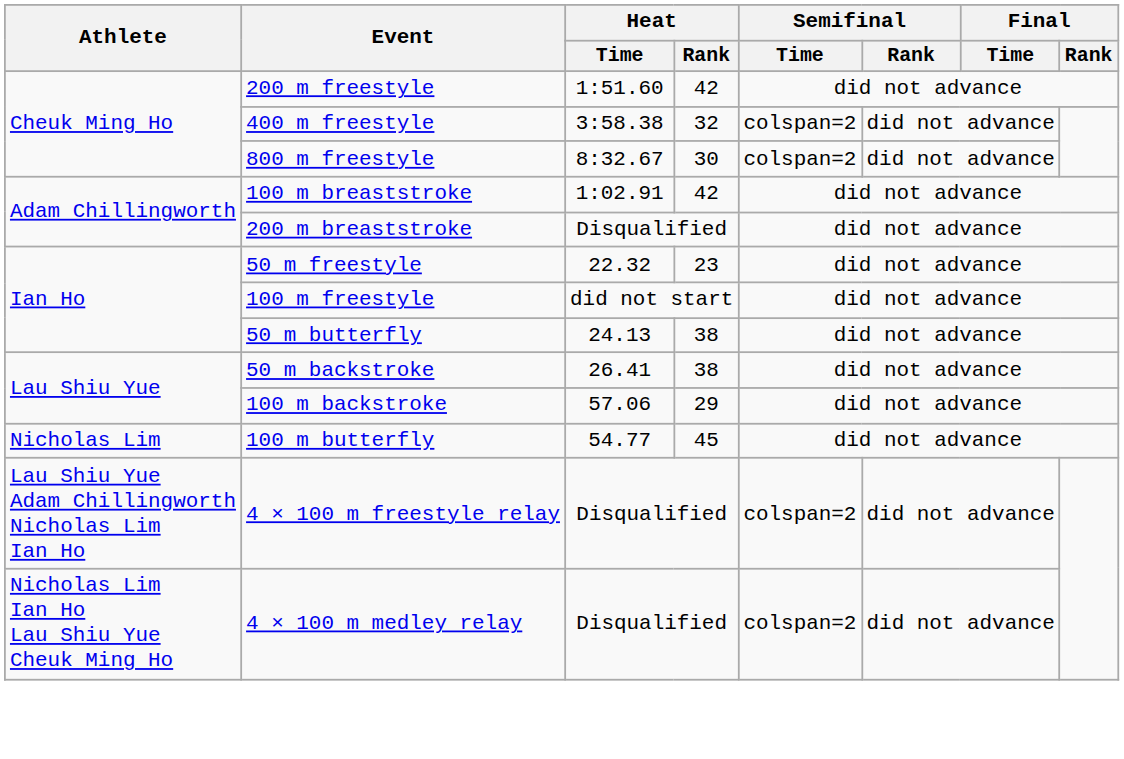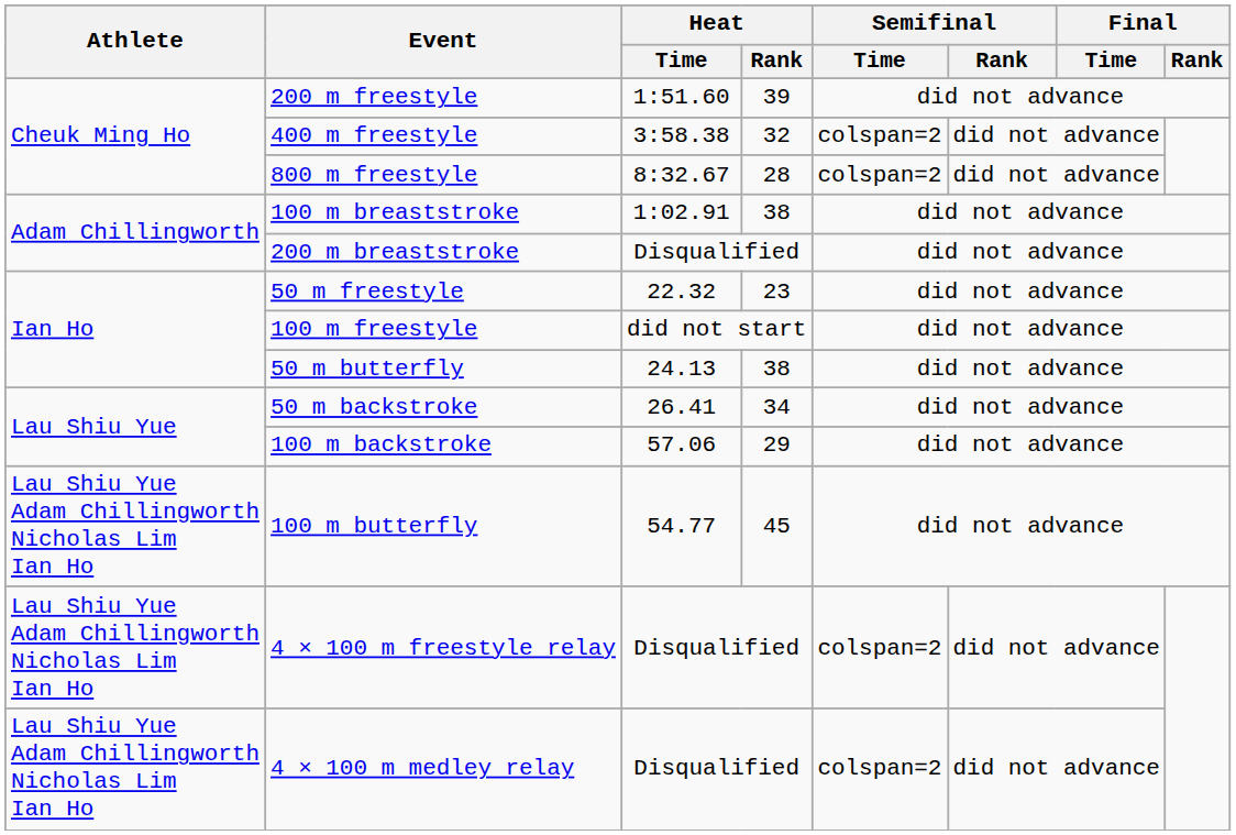 <table class=wikitable style="font-size:90%">
 <tr>
 <th rowspan="2">Athlete</th>
 <th rowspan="2">Event</th>
 <th colspan="2">Heat</th>
 <th colspan="2">Semifinal</th>
 <th colspan="2">Final</th>
 </tr>
 <tr style="font-size:95%">
 <th>Time</th>
 <th>Rank</th>
 <th>Time</th>
 <th>Rank</th>
 <th>Time</th>
 <th>Rank</th>
 </tr>
 <tr style="text-align:center">
 <td style="text-align:left" rowspan=3><a href='#'>Cheuk Ming Ho</a></td>
 <td style="text-align:left"><a href='#'>200 m freestyle</a></td>
 <td>1:51.60</td>
-<td>42</td>
+<td>39</td>
 <td colspan=4>did not advance</td>
 </tr>
 <tr style="text-align:center">
 <td style="text-align:left"><a href='#'>400 m freestyle</a></td>
 <td>3:58.38</td>
 <td>32</td>
 <td>colspan=2 </td>
 <td colspan=2>did not advance</td>
 </tr>
 <tr style="text-align:center">
 <td style="text-align:left"><a href='#'>800 m freestyle</a></td>
 <td>8:32.67</td>
-<td>30</td>
+<td>28</td>
 <td>colspan=2 </td>
 <td colspan=2>did not advance</td>
 </tr>
 <tr style="text-align:center">
 <td style="text-align:left" rowspan=2><a href='#'>Adam Chillingworth</a></td>
 <td style="text-align:left"><a href='#'>100 m breaststroke</a></td>
 <td>1:02.91</td>
-<td>42</td>
+<td>38</td>
 <td colspan=4>did not advance</td>
 </tr>
 <tr style="text-align:center">
 <td style="text-align:left"><a href='#'>200 m breaststroke</a></td>
 <td colspan=2>Disqualified</td>
 <td colspan=4>did not advance</td>
 </tr>
 <tr style="text-align:center">
 <td style="text-align:left" rowspan=3><a href='#'>Ian Ho</a></td>
 <td style="text-align:left"><a href='#'>50 m freestyle</a></td>
 <td>22.32</td>
 <td>23</td>
 <td colspan=4>did not advance</td>
 </tr>
 <tr style="text-align:center">
 <td style="text-align:left"><a href='#'>100 m freestyle</a></td>
 <td colspan=2>did not start</td>
 <td colspan=4>did not advance</td>
 </tr>
 <tr style="text-align:center">
 <td style="text-align:left"><a href='#'>50 m butterfly</a></td>
 <td>24.13</td>
 <td>38</td>
 <td colspan=4>did not advance</td>
 </tr>
 <tr style="text-align:center">
 <td style="text-align:left" rowspan=2><a href='#'>Lau Shiu Yue</a></td>
 <td style="text-align:left"><a href='#'>50 m backstroke</a></td>
 <td>26.41</td>
-<td>38</td>
+<td>34</td>
 <td colspan=4>did not advance</td>
 </tr>
 <tr style="text-align:center">
 <td style="text-align:left"><a href='#'>100 m backstroke</a></td>
 <td>57.06</td>
 <td>29</td>
 <td colspan=4>did not advance</td>
 </tr>
 <tr style="text-align:center">
-<td style="text-align:left"><a href='#'>Nicholas Lim</a></td>
+<td style="text-align:left"><a href='#'>Lau Shiu Yue</a><br><a href='#'>Adam Chillingworth</a><br><a href='#'>Nicholas Lim</a><br><a href='#'>Ian Ho</a></td>
 <td style="text-align:left"><a href='#'>100 m butterfly</a></td>
 <td>54.77</td>
 <td>45</td>
 <td colspan=4>did not advance</td>
 </tr>
 <tr style="text-align:center">
 <td style="text-align:left"><a href='#'>Lau Shiu Yue</a><br><a href='#'>Adam Chillingworth</a><br><a href='#'>Nicholas Lim</a><br><a href='#'>Ian Ho</a></td>
 <td style="text-align:left"><a href='#'>4 × 100 m freestyle relay</a></td>
 <td colspan=2>Disqualified</td>
 <td>colspan=2 </td>
 <td colspan=2>did not advance</td>
 </tr>
 <tr style="text-align:center">
-<td style="text-align:left"><a href='#'>Nicholas Lim</a> <br><a href='#'>Ian Ho</a><br><a href='#'>Lau Shiu Yue</a><br><a href='#'>Cheuk Ming Ho</a></td>
+<td style="text-align:left"><a href='#'>Lau Shiu Yue</a><br><a href='#'>Adam Chillingworth</a><br><a href='#'>Nicholas Lim</a><br><a href='#'>Ian Ho</a></td>
 <td style="text-align:left"><a href='#'>4 × 100 m medley relay</a></td>
 <td colspan=2>Disqualified</td>
 <td>colspan=2 </td>
 <td colspan=2>did not advance</td>
 </tr>
 </table>
